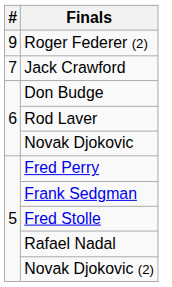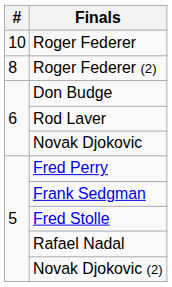 <table class=wikitable style="display:inline-table;">
 <tr>
 <th>#</th>
 <th>Finals</th>
 </tr>
 <tr>
-<td>9</td>
-<td> Roger Federer <small>(2)</small></td>
+<td>10</td>
+<td> Roger Federer</td>
 </tr>
 <tr>
-<td>7</td>
-<td> Jack Crawford</td>
+<td>8</td>
+<td> Roger Federer <small>(2)</small></td>
 </tr>
 <tr>
 <td rowspan="3">6</td>
 <td> Don Budge</td>
 </tr>
 <tr>
 <td> Rod Laver</td>
 </tr>
 <tr>
 <td> Novak Djokovic</td>
 </tr>
 <tr>
 <td rowspan="5">5</td>
 <td> <a href='#'>Fred Perry</a></td>
 </tr>
 <tr>
 <td> <a href='#'>Frank Sedgman</a></td>
 </tr>
 <tr>
 <td> <a href='#'>Fred Stolle</a></td>
 </tr>
 <tr>
 <td> Rafael Nadal</td>
 </tr>
 <tr>
 <td> Novak Djokovic <small>(2)</small> </td>
 </tr>
 </table>
